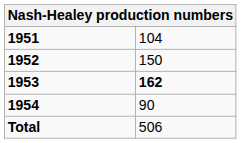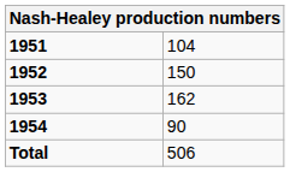 <table class="wikitable defaultcenter col1left">
 <tr>
 <th colspan="2">Nash-Healey production numbers</th>
 </tr>
 <tr>
 <td><strong>1951</strong></td>
 <td>104</td>
 </tr>
 <tr>
 <td><strong>1952</strong></td>
 <td>150</td>
 </tr>
 <tr>
 <td><strong>1953</strong></td>
-<td><strong>162</strong></td>
+<td>162</td>
 </tr>
 <tr>
 <td><strong>1954</strong></td>
 <td>90</td>
 </tr>
 <tr>
 <td><strong>Total</strong></td>
 <td>506</td>
 </tr>
 </table>
